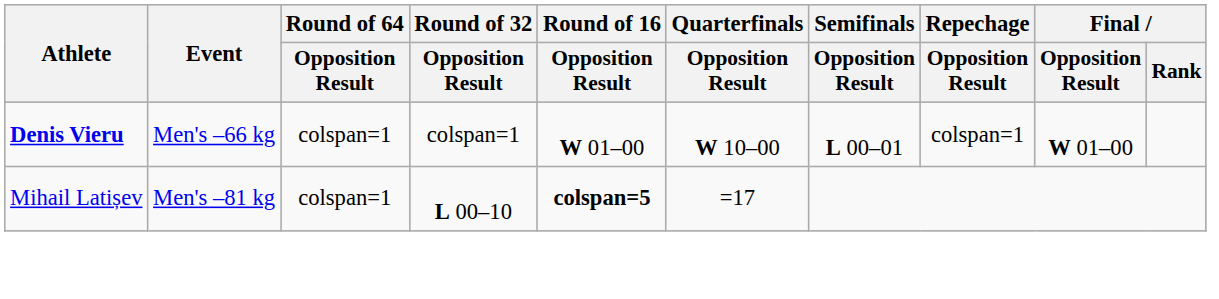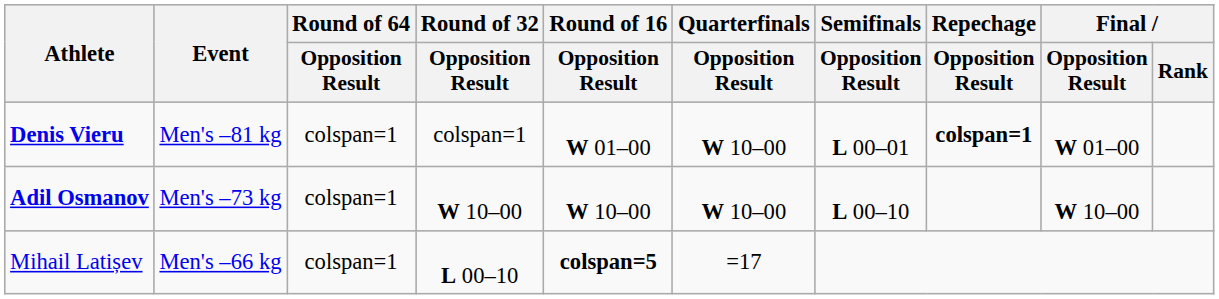 <table class="wikitable" style="font-size:90%">
 <tr>
 <th rowspan="2">Athlete</th>
 <th rowspan="2">Event</th>
 <th>Round of 64</th>
 <th>Round of 32</th>
 <th>Round of 16</th>
 <th>Quarterfinals</th>
 <th>Semifinals</th>
 <th>Repechage</th>
 <th colspan=2>Final / </th>
 </tr>
 <tr style="font-size:95%">
 <th>Opposition<br>Result</th>
 <th>Opposition<br>Result</th>
 <th>Opposition<br>Result</th>
 <th>Opposition<br>Result</th>
 <th>Opposition<br>Result</th>
 <th>Opposition<br>Result</th>
 <th>Opposition<br>Result</th>
 <th>Rank</th>
 </tr>
 <tr align=center>
 <td align=left><strong><a href='#'>Denis Vieru</a></strong></td>
-<td align=left><a href='#'>Men's –66 kg</a></td>
+<td align=left><a href='#'>Men's –81 kg</a></td>
 <td>colspan=1 </td>
 <td>colspan=1 </td>
 <td> <br> <strong>W</strong> 01–00</td>
 <td> <br> <strong>W</strong> 10–00</td>
 <td> <br> <strong>L</strong> 00–01</td>
-<td>colspan=1 </td>
+<td><strong>colspan=1 </strong></td>
 <td><br><strong>W</strong> 01–00</td>
 <td></td>
 </tr>
 <tr align=center>
+<td align=left><strong><a href='#'>Adil Osmanov</a></strong></td>
+<td align=left><a href='#'>Men's –73 kg</a></td>
+<td>colspan=1 </td>
+<td> <br> <strong>W</strong> 10–00</td>
+<td> <br> <strong>W</strong> 10–00</td>
+<td> <br> <strong>W</strong> 10–00</td>
+<td> <br> <strong>L</strong> 00–10</td>
+<td></td>
+<td> <br> <strong>W</strong> 10–00</td>
+<td></td>
+</tr>
+<tr align=center>
 <td align=left><a href='#'>Mihail Latișev</a></td>
-<td align=left><a href='#'>Men's –81 kg</a></td>
+<td align=left><a href='#'>Men's –66 kg</a></td>
 <td>colspan=1 </td>
 <td> <br> <strong>L</strong> 00–10</td>
 <td><strong>colspan=5 </strong></td>
 <td>=17</td>
 </tr>
 </table>
